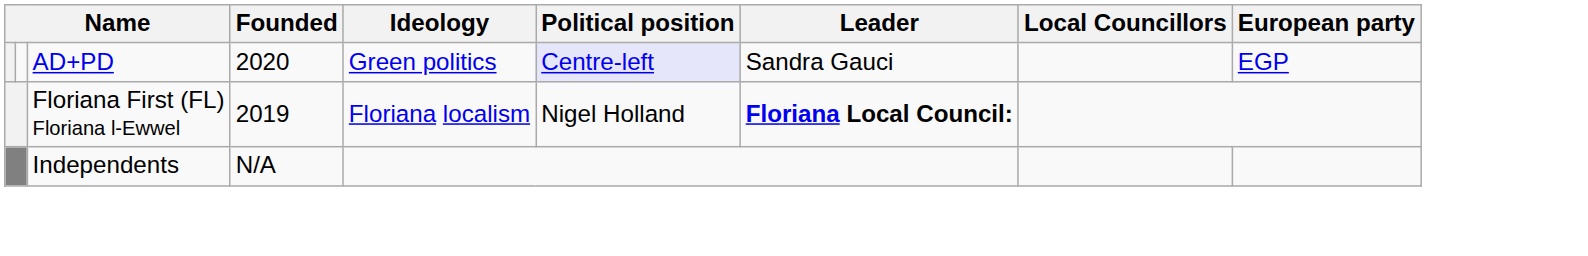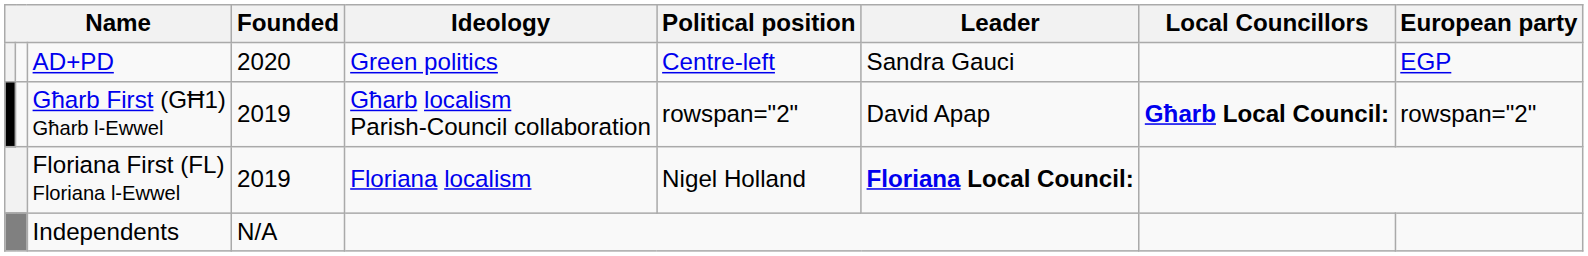 <table class="wikitable sortable">
 <tr>
 <th colspan="3">Name</th>
 <th>Founded</th>
 <th>Ideology</th>
 <th>Political position</th>
 <th>Leader</th>
 <th>Local Councillors</th>
 <th>European party</th>
 </tr>
 <tr>
 <th style="background-color:"></th>
 <td></td>
 <td><a href='#'>AD+PD</a></td>
 <td>2020</td>
 <td><a href='#'>Green politics</a></td>
-<td style="background: lavender;"><a href='#'>Centre-left</a></td>
+<td><a href='#'>Centre-left</a></td>
 <td>Sandra Gauci</td>
 <td></td>
 <td><a href='#'>EGP</a></td>
+</tr>
+<tr>
+<th style="background-color:black"></th>
+<td></td>
+<td><a href='#'>Għarb First</a> (GĦ1)<br><small>Għarb l-Ewwel</small></td>
+<td>2019</td>
+<td><a href='#'>Għarb</a> <a href='#'>localism</a><br>Parish-Council collaboration</td>
+<td>rowspan="2" </td>
+<td>David Apap</td>
+<td><strong><a href='#'>Għarb</a> Local Council:</strong></td>
+<td>rowspan="2" </td>
 </tr>
 <tr>
 <th colspan="2" style="background-color:"></th>
 <td>Floriana First (FL)<br><small>Floriana l-Ewwel</small></td>
 <td>2019</td>
 <td><a href='#'>Floriana</a> <a href='#'>localism</a></td>
 <td>Nigel Holland</td>
 <td><strong><a href='#'>Floriana</a> Local Council:</strong></td>
 </tr>
 <tr>
 <th colspan="2" style="background-color:gray"></th>
 <td>Independents</td>
 <td>N/A</td>
 <td colspan="3"></td>
 <td></td>
 <td></td>
 </tr>
 </table>
